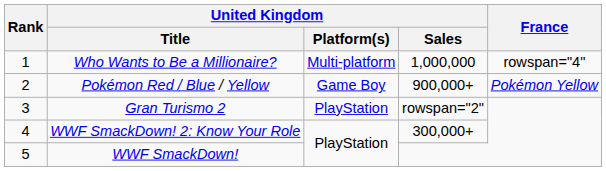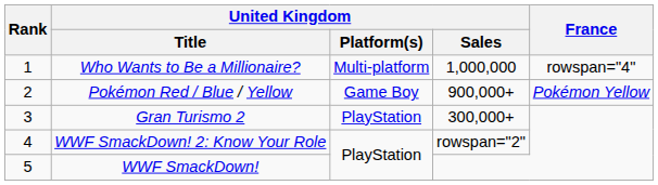 <table class="wikitable sortable" style="text-align:center">
 <tr>
 <th rowspan="2">Rank</th>
 <th colspan="3"><a href='#'>United Kingdom</a></th>
 <th rowspan="2"><a href='#'>France</a></th>
 </tr>
 <tr>
 <th>Title</th>
 <th>Platform(s)</th>
 <th>Sales</th>
 </tr>
 <tr>
 <td>1</td>
 <td><a href='#'><em>Who Wants to Be a Millionaire?</em></a></td>
 <td><a href='#'>Multi-platform</a></td>
 <td>1,000,000</td>
 <td>rowspan="4" </td>
 </tr>
 <tr>
 <td>2</td>
 <td><em><a href='#'>Pokémon Red / Blue</a> / <a href='#'>Yellow</a></em></td>
 <td><a href='#'>Game Boy</a></td>
 <td>900,000+</td>
 <td><em><a href='#'>Pokémon Yellow</a></em></td>
 </tr>
 <tr>
 <td>3</td>
 <td><em><a href='#'>Gran Turismo 2</a></em></td>
 <td><a href='#'>PlayStation</a></td>
-<td>rowspan="2" </td>
+<td>300,000+</td>
 </tr>
 <tr>
 <td>4</td>
 <td><em><a href='#'>WWF SmackDown! 2: Know Your Role</a></em></td>
 <td rowspan="2">PlayStation</td>
-<td>300,000+</td>
+<td>rowspan="2" </td>
 </tr>
 <tr>
 <td>5</td>
 <td><em><a href='#'>WWF SmackDown!</a></em></td>
 </tr>
 </table>
